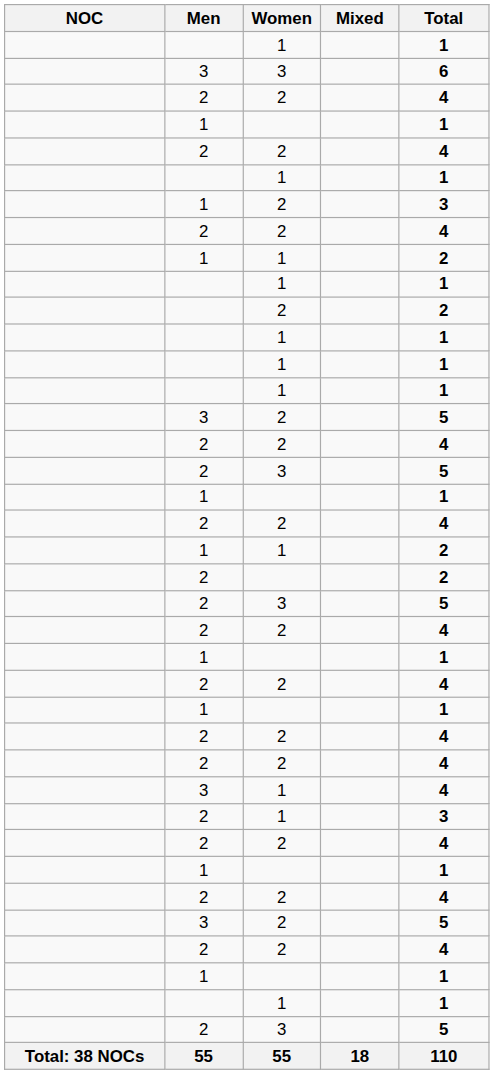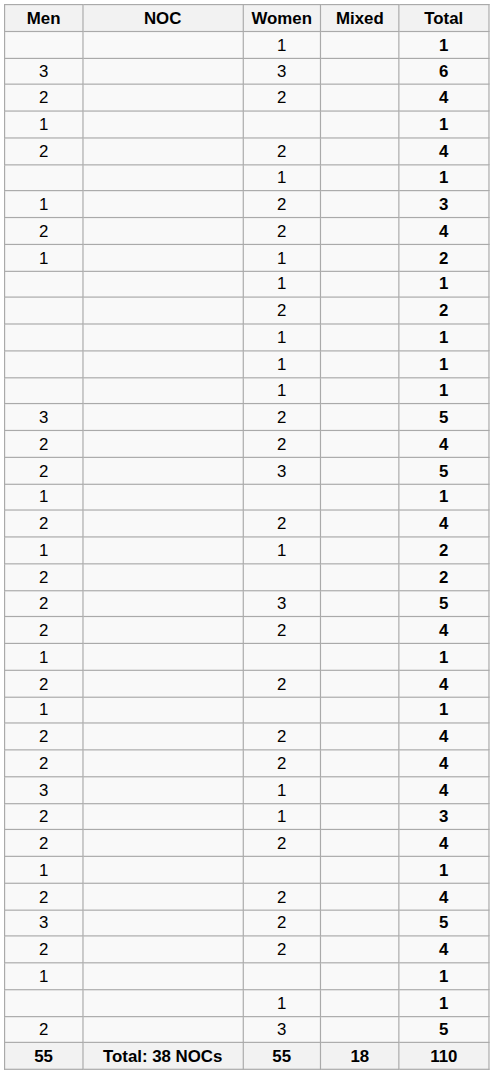 <table class="wikitable sortable" style="text-align:center; font-size:90%">
 <tr>
+<th width=60>Men</th>
 <th width=130 align="left">NOC</th>
-<th width=60>Men</th>
 <th width=60>Women</th>
 <th width=60>Mixed</th>
 <th width="70">Total</th>
 </tr>
 <tr>
+<td></td>
 <td align=left></td>
-<td></td>
 <td>1</td>
 <td></td>
 <td><strong>1</strong></td>
 </tr>
 <tr>
+<td>3</td>
 <td align=left></td>
-<td>3</td>
 <td>3</td>
 <td></td>
 <td><strong>6</strong></td>
 </tr>
 <tr>
+<td>2</td>
 <td align=left></td>
-<td>2</td>
 <td>2</td>
 <td></td>
 <td><strong>4</strong></td>
 </tr>
 <tr>
+<td>1</td>
 <td align=left></td>
-<td>1</td>
 <td></td>
 <td></td>
 <td><strong>1</strong></td>
 </tr>
 <tr>
+<td>2</td>
 <td align=left></td>
-<td>2</td>
 <td>2</td>
 <td></td>
 <td><strong>4</strong></td>
 </tr>
 <tr>
+<td></td>
 <td align=left></td>
-<td></td>
 <td>1</td>
 <td></td>
 <td><strong>1</strong></td>
 </tr>
 <tr>
+<td>1</td>
 <td align=left></td>
-<td>1</td>
 <td>2</td>
 <td></td>
 <td><strong>3</strong></td>
 </tr>
 <tr>
+<td>2</td>
 <td align=left></td>
-<td>2</td>
 <td>2</td>
 <td></td>
 <td><strong>4</strong></td>
 </tr>
 <tr>
+<td>1</td>
 <td align=left></td>
-<td>1</td>
 <td>1</td>
 <td></td>
 <td><strong>2</strong></td>
 </tr>
 <tr>
+<td></td>
 <td align=left></td>
-<td></td>
 <td>1</td>
 <td></td>
 <td><strong>1</strong></td>
 </tr>
 <tr>
+<td></td>
 <td align=left></td>
-<td></td>
 <td>2</td>
 <td></td>
 <td><strong>2</strong></td>
 </tr>
 <tr>
+<td></td>
 <td align=left></td>
-<td></td>
 <td>1</td>
 <td></td>
 <td><strong>1</strong></td>
 </tr>
 <tr>
+<td></td>
 <td align=left></td>
-<td></td>
 <td>1</td>
 <td></td>
 <td><strong>1</strong></td>
 </tr>
 <tr>
+<td></td>
 <td align=left></td>
-<td></td>
 <td>1</td>
 <td></td>
 <td><strong>1</strong></td>
 </tr>
 <tr>
+<td>3</td>
 <td align=left></td>
-<td>3</td>
 <td>2</td>
 <td></td>
 <td><strong>5</strong></td>
 </tr>
 <tr>
+<td>2</td>
 <td align=left></td>
-<td>2</td>
 <td>2</td>
 <td></td>
 <td><strong>4</strong></td>
 </tr>
 <tr>
+<td>2</td>
 <td align=left></td>
-<td>2</td>
 <td>3</td>
 <td></td>
 <td><strong>5</strong></td>
 </tr>
 <tr>
+<td>1</td>
 <td align=left></td>
-<td>1</td>
 <td></td>
 <td></td>
 <td><strong>1</strong></td>
 </tr>
 <tr>
+<td>2</td>
 <td align=left></td>
-<td>2</td>
 <td>2</td>
 <td></td>
 <td><strong>4</strong></td>
 </tr>
 <tr>
+<td>1</td>
 <td align=left></td>
-<td>1</td>
 <td>1</td>
 <td></td>
 <td><strong>2</strong></td>
 </tr>
 <tr>
+<td>2</td>
 <td align=left></td>
-<td>2</td>
 <td></td>
 <td></td>
 <td><strong>2</strong></td>
 </tr>
 <tr>
+<td>2</td>
 <td align=left></td>
-<td>2</td>
 <td>3</td>
 <td></td>
 <td><strong>5</strong></td>
 </tr>
 <tr>
+<td>2</td>
 <td align=left></td>
-<td>2</td>
 <td>2</td>
 <td></td>
 <td><strong>4</strong></td>
 </tr>
 <tr>
+<td>1</td>
 <td align=left></td>
-<td>1</td>
 <td></td>
 <td></td>
 <td><strong>1</strong></td>
 </tr>
 <tr>
+<td>2</td>
 <td align=left></td>
-<td>2</td>
 <td>2</td>
 <td></td>
 <td><strong>4</strong></td>
 </tr>
 <tr>
+<td>1</td>
 <td align=left></td>
-<td>1</td>
 <td></td>
 <td></td>
 <td><strong>1</strong></td>
 </tr>
 <tr>
+<td>2</td>
 <td align=left></td>
-<td>2</td>
 <td>2</td>
 <td></td>
 <td><strong>4</strong></td>
 </tr>
 <tr>
+<td>2</td>
 <td align=left></td>
-<td>2</td>
 <td>2</td>
 <td></td>
 <td><strong>4</strong></td>
 </tr>
 <tr>
+<td>3</td>
 <td align=left></td>
-<td>3</td>
 <td>1</td>
 <td></td>
 <td><strong>4</strong></td>
 </tr>
 <tr>
+<td>2</td>
 <td align=left></td>
-<td>2</td>
 <td>1</td>
 <td></td>
 <td><strong>3</strong></td>
 </tr>
 <tr>
+<td>2</td>
 <td align=left></td>
-<td>2</td>
 <td>2</td>
 <td></td>
 <td><strong>4</strong></td>
 </tr>
 <tr>
+<td>1</td>
 <td align=left></td>
-<td>1</td>
 <td></td>
 <td></td>
 <td><strong>1</strong></td>
 </tr>
 <tr>
+<td>2</td>
 <td align=left></td>
-<td>2</td>
 <td>2</td>
 <td></td>
 <td><strong>4</strong></td>
 </tr>
 <tr>
+<td>3</td>
 <td align=left></td>
-<td>3</td>
 <td>2</td>
 <td></td>
 <td><strong>5</strong></td>
 </tr>
 <tr>
+<td>2</td>
 <td align=left></td>
-<td>2</td>
 <td>2</td>
 <td></td>
 <td><strong>4</strong></td>
 </tr>
 <tr>
+<td>1</td>
 <td align=left></td>
-<td>1</td>
 <td></td>
 <td></td>
 <td><strong>1</strong></td>
 </tr>
 <tr>
+<td></td>
 <td align=left></td>
-<td></td>
 <td>1</td>
 <td></td>
 <td><strong>1</strong></td>
 </tr>
 <tr>
+<td>2</td>
 <td align=left></td>
-<td>2</td>
 <td>3</td>
 <td></td>
 <td><strong>5</strong></td>
 </tr>
 <tr>
+<th>55</th>
 <th>Total: 38 NOCs</th>
-<th>55</th>
 <th>55</th>
 <th>18</th>
 <th>110</th>
 </tr>
 </table>
